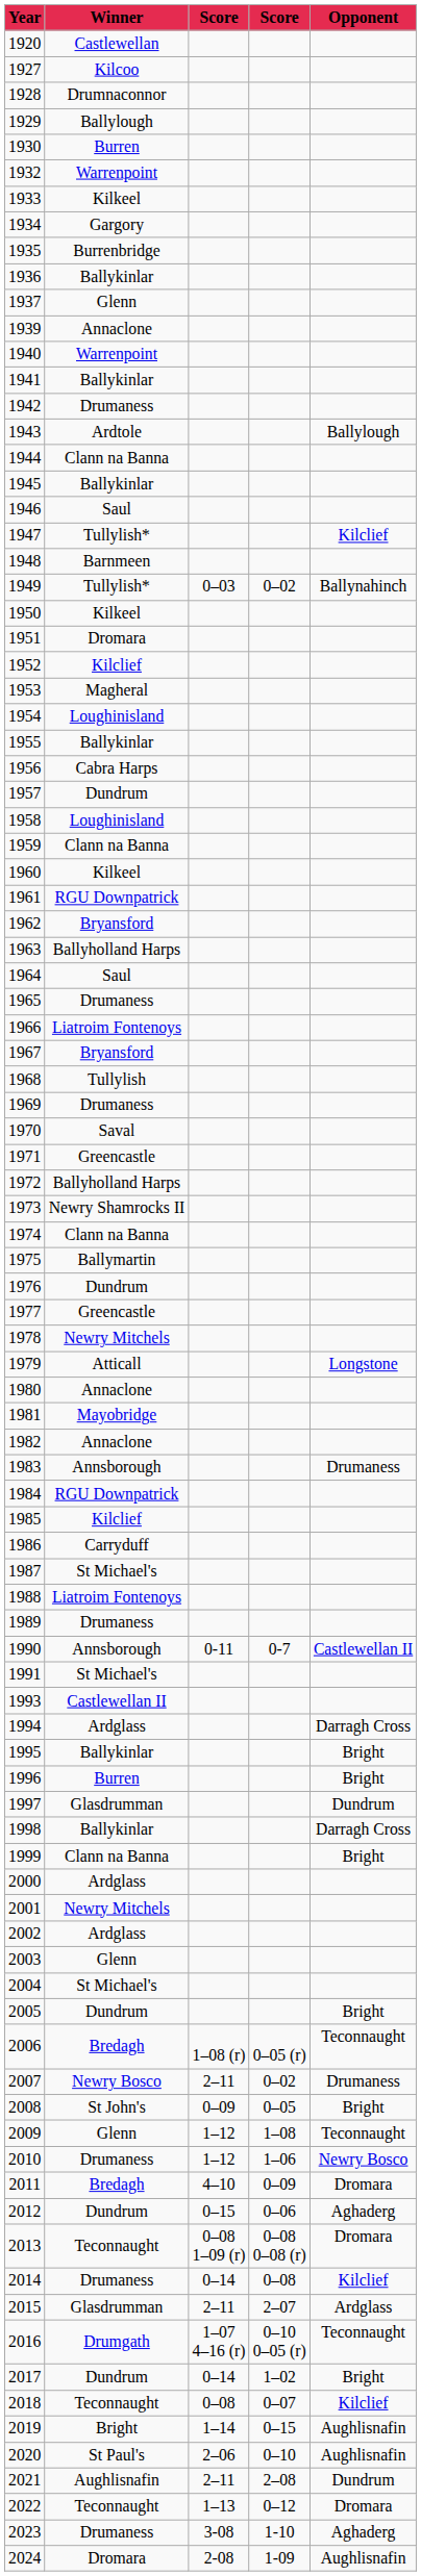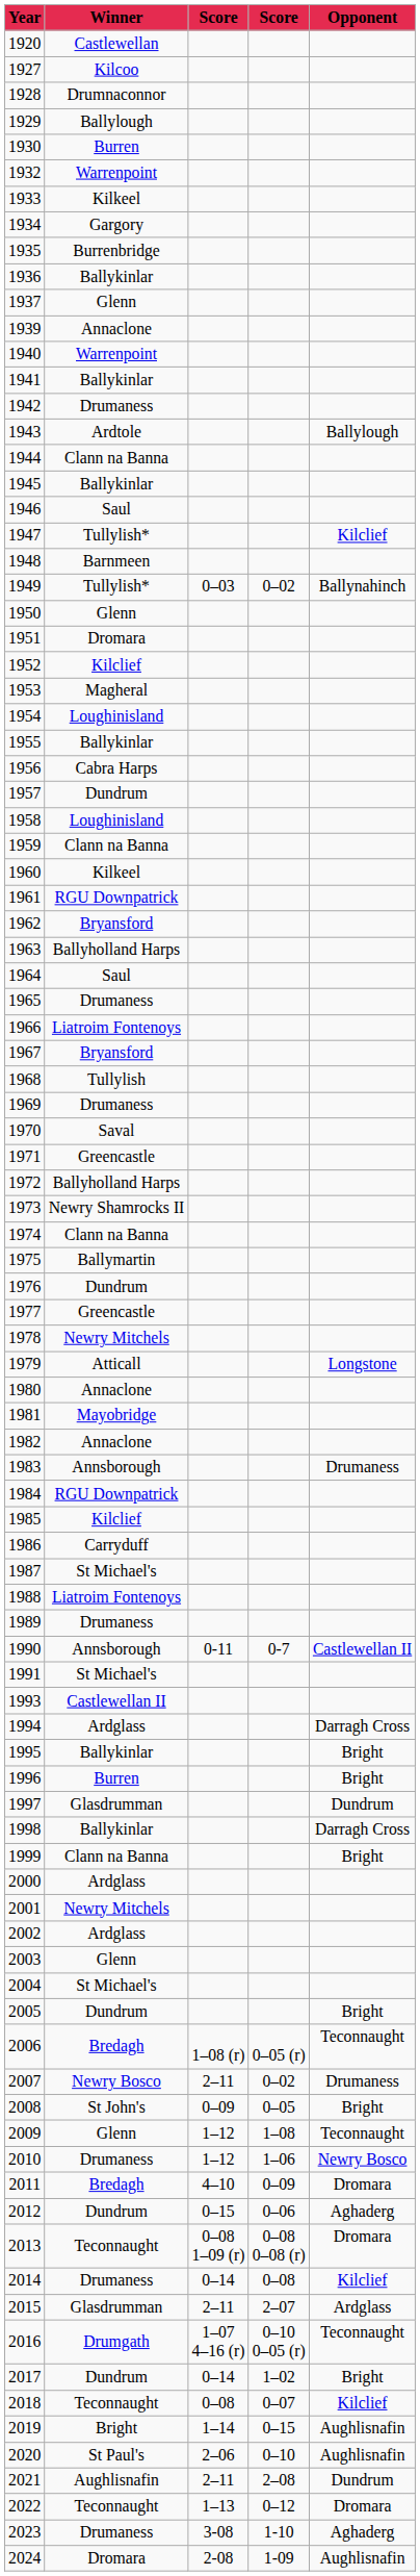 <table class="wikitable" style="text-align:center;">
 <tr>
 <th style="background:#E52B50;color:black;">Year</th>
 <th style="background:#E52B50;color:black;">Winner</th>
 <th style="background:#E52B50;color:black;">Score</th>
 <th style="background:#E52B50;color:black;">Score</th>
 <th style="background:#E52B50;color:black;">Opponent</th>
 </tr>
 <tr>
 <td>1920</td>
 <td> <a href='#'>Castlewellan</a></td>
 <td></td>
 <td></td>
 <td></td>
 </tr>
 <tr>
 <td>1927</td>
 <td> <a href='#'>Kilcoo</a></td>
 <td></td>
 <td></td>
 <td></td>
 </tr>
 <tr>
 <td>1928</td>
 <td>Drumnaconnor</td>
 <td></td>
 <td></td>
 <td></td>
 </tr>
 <tr>
 <td>1929</td>
 <td>Ballylough</td>
 <td></td>
 <td></td>
 <td></td>
 </tr>
 <tr>
 <td>1930</td>
 <td> <a href='#'>Burren</a></td>
 <td></td>
 <td></td>
 <td></td>
 </tr>
 <tr>
 <td>1932</td>
 <td> <a href='#'>Warrenpoint</a></td>
 <td></td>
 <td></td>
 <td></td>
 </tr>
 <tr>
 <td>1933</td>
 <td>Kilkeel</td>
 <td></td>
 <td></td>
 <td></td>
 </tr>
 <tr>
 <td>1934</td>
 <td>Gargory</td>
 <td></td>
 <td></td>
 <td></td>
 </tr>
 <tr>
 <td>1935</td>
 <td>Burrenbridge</td>
 <td></td>
 <td></td>
 <td></td>
 </tr>
 <tr>
 <td>1936</td>
 <td> Ballykinlar</td>
 <td></td>
 <td></td>
 <td></td>
 </tr>
 <tr>
 <td>1937</td>
 <td> Glenn</td>
 <td></td>
 <td></td>
 <td></td>
 </tr>
 <tr>
 <td>1939</td>
 <td> Annaclone</td>
 <td></td>
 <td></td>
 <td></td>
 </tr>
 <tr>
 <td>1940</td>
 <td> <a href='#'>Warrenpoint</a></td>
 <td></td>
 <td></td>
 <td></td>
 </tr>
 <tr>
 <td>1941</td>
 <td> Ballykinlar</td>
 <td></td>
 <td></td>
 <td></td>
 </tr>
 <tr>
 <td>1942</td>
 <td> Drumaness</td>
 <td></td>
 <td></td>
 <td></td>
 </tr>
 <tr>
 <td>1943</td>
 <td>Ardtole</td>
 <td></td>
 <td></td>
 <td>Ballylough</td>
 </tr>
 <tr>
 <td>1944</td>
 <td> Clann na Banna</td>
 <td></td>
 <td></td>
 <td></td>
 </tr>
 <tr>
 <td>1945</td>
 <td> Ballykinlar</td>
 <td></td>
 <td></td>
 <td></td>
 </tr>
 <tr>
 <td>1946</td>
 <td> Saul</td>
 <td></td>
 <td></td>
 <td></td>
 </tr>
 <tr>
 <td>1947</td>
 <td> Tullylish*</td>
 <td></td>
 <td></td>
 <td> <a href='#'>Kilclief</a></td>
 </tr>
 <tr>
 <td>1948</td>
 <td>Barnmeen</td>
 <td></td>
 <td></td>
 <td></td>
 </tr>
 <tr>
 <td>1949</td>
 <td> Tullylish*</td>
 <td>0–03</td>
 <td>0–02</td>
 <td>Ballynahinch</td>
 </tr>
 <tr>
 <td>1950</td>
-<td>Kilkeel</td>
+<td> Glenn</td>
 <td></td>
 <td></td>
 <td></td>
 </tr>
 <tr>
 <td>1951</td>
 <td> Dromara</td>
 <td></td>
 <td></td>
 <td></td>
 </tr>
 <tr>
 <td>1952</td>
 <td> <a href='#'>Kilclief</a></td>
 <td></td>
 <td></td>
 <td></td>
 </tr>
 <tr>
 <td>1953</td>
 <td>Magheral</td>
 <td></td>
 <td></td>
 <td></td>
 </tr>
 <tr>
 <td>1954</td>
 <td> <a href='#'>Loughinisland</a></td>
 <td></td>
 <td></td>
 <td></td>
 </tr>
 <tr>
 <td>1955</td>
 <td> Ballykinlar</td>
 <td></td>
 <td></td>
 <td></td>
 </tr>
 <tr>
 <td>1956</td>
 <td>Cabra Harps</td>
 <td></td>
 <td></td>
 <td></td>
 </tr>
 <tr>
 <td>1957</td>
 <td> Dundrum</td>
 <td></td>
 <td></td>
 <td></td>
 </tr>
 <tr>
 <td>1958</td>
 <td> <a href='#'>Loughinisland</a></td>
 <td></td>
 <td></td>
 <td></td>
 </tr>
 <tr>
 <td>1959</td>
 <td> Clann na Banna</td>
 <td></td>
 <td></td>
 <td></td>
 </tr>
 <tr>
 <td>1960</td>
 <td>Kilkeel</td>
 <td></td>
 <td></td>
 <td></td>
 </tr>
 <tr>
 <td>1961</td>
 <td> <a href='#'>RGU Downpatrick</a></td>
 <td></td>
 <td></td>
 <td></td>
 </tr>
 <tr>
 <td>1962</td>
 <td> <a href='#'>Bryansford</a></td>
 <td></td>
 <td></td>
 <td></td>
 </tr>
 <tr>
 <td>1963</td>
 <td> Ballyholland Harps</td>
 <td></td>
 <td></td>
 <td></td>
 </tr>
 <tr>
 <td>1964</td>
 <td> Saul</td>
 <td></td>
 <td></td>
 <td></td>
 </tr>
 <tr>
 <td>1965</td>
 <td> Drumaness</td>
 <td></td>
 <td></td>
 <td></td>
 </tr>
 <tr>
 <td>1966</td>
 <td> <a href='#'>Liatroim Fontenoys</a></td>
 <td></td>
 <td></td>
 <td></td>
 </tr>
 <tr>
 <td>1967</td>
 <td> <a href='#'>Bryansford</a></td>
 <td></td>
 <td></td>
 <td></td>
 </tr>
 <tr>
 <td>1968</td>
 <td> Tullylish</td>
 <td></td>
 <td></td>
 <td></td>
 </tr>
 <tr>
 <td>1969</td>
 <td> Drumaness</td>
 <td></td>
 <td></td>
 <td></td>
 </tr>
 <tr>
 <td>1970</td>
 <td> Saval</td>
 <td></td>
 <td></td>
 <td></td>
 </tr>
 <tr>
 <td>1971</td>
 <td>Greencastle</td>
 <td></td>
 <td></td>
 <td></td>
 </tr>
 <tr>
 <td>1972</td>
 <td> Ballyholland Harps</td>
 <td></td>
 <td></td>
 <td></td>
 </tr>
 <tr>
 <td>1973</td>
 <td> Newry Shamrocks II</td>
 <td></td>
 <td></td>
 <td></td>
 </tr>
 <tr>
 <td>1974</td>
 <td> Clann na Banna</td>
 <td></td>
 <td></td>
 <td></td>
 </tr>
 <tr>
 <td>1975</td>
 <td> Ballymartin</td>
 <td></td>
 <td></td>
 <td></td>
 </tr>
 <tr>
 <td>1976</td>
 <td> Dundrum</td>
 <td></td>
 <td></td>
 <td></td>
 </tr>
 <tr>
 <td>1977</td>
 <td>Greencastle</td>
 <td></td>
 <td></td>
 <td></td>
 </tr>
 <tr>
 <td>1978</td>
 <td> <a href='#'>Newry Mitchels</a></td>
 <td></td>
 <td></td>
 <td></td>
 </tr>
 <tr>
 <td>1979</td>
 <td> Atticall</td>
 <td></td>
 <td></td>
 <td> <a href='#'>Longstone</a></td>
 </tr>
 <tr>
 <td>1980</td>
 <td> Annaclone</td>
 <td></td>
 <td></td>
 <td></td>
 </tr>
 <tr>
 <td>1981</td>
 <td> <a href='#'>Mayobridge</a></td>
 <td></td>
 <td></td>
 <td></td>
 </tr>
 <tr>
 <td>1982</td>
 <td> Annaclone</td>
 <td></td>
 <td></td>
 <td></td>
 </tr>
 <tr>
 <td>1983</td>
 <td> Annsborough</td>
 <td></td>
 <td></td>
 <td> Drumaness</td>
 </tr>
 <tr>
 <td>1984</td>
 <td> <a href='#'>RGU Downpatrick</a></td>
 <td></td>
 <td></td>
 <td></td>
 </tr>
 <tr>
 <td>1985</td>
 <td> <a href='#'>Kilclief</a></td>
 <td></td>
 <td></td>
 <td></td>
 </tr>
 <tr>
 <td>1986</td>
 <td> Carryduff</td>
 <td></td>
 <td></td>
 <td></td>
 </tr>
 <tr>
 <td>1987</td>
 <td> St Michael's</td>
 <td></td>
 <td></td>
 <td></td>
 </tr>
 <tr>
 <td>1988</td>
 <td> <a href='#'>Liatroim Fontenoys</a></td>
 <td></td>
 <td></td>
 <td></td>
 </tr>
 <tr>
 <td>1989</td>
 <td> Drumaness</td>
 <td></td>
 <td></td>
 <td></td>
 </tr>
 <tr>
 <td>1990</td>
 <td> Annsborough</td>
 <td>0-11</td>
 <td>0-7</td>
 <td> <a href='#'>Castlewellan II</a></td>
 </tr>
 <tr>
 <td>1991</td>
 <td> St Michael's</td>
 <td></td>
 <td></td>
 <td></td>
 </tr>
 <tr>
 <td>1993</td>
 <td> <a href='#'>Castlewellan II</a></td>
 <td></td>
 <td></td>
 <td></td>
 </tr>
 <tr>
 <td>1994</td>
 <td> Ardglass</td>
 <td></td>
 <td></td>
 <td> Darragh Cross</td>
 </tr>
 <tr>
 <td>1995</td>
 <td> Ballykinlar</td>
 <td></td>
 <td></td>
 <td> Bright</td>
 </tr>
 <tr>
 <td>1996</td>
 <td> <a href='#'>Burren</a></td>
 <td></td>
 <td></td>
 <td> Bright</td>
 </tr>
 <tr>
 <td>1997</td>
 <td> Glasdrumman</td>
 <td></td>
 <td></td>
 <td> Dundrum</td>
 </tr>
 <tr>
 <td>1998</td>
 <td> Ballykinlar</td>
 <td></td>
 <td></td>
 <td> Darragh Cross</td>
 </tr>
 <tr>
 <td>1999</td>
 <td> Clann na Banna</td>
 <td></td>
 <td></td>
 <td> Bright</td>
 </tr>
 <tr>
 <td>2000</td>
 <td> Ardglass</td>
 <td></td>
 <td></td>
 <td></td>
 </tr>
 <tr>
 <td>2001</td>
 <td> <a href='#'>Newry Mitchels</a></td>
 <td></td>
 <td></td>
 <td></td>
 </tr>
 <tr>
 <td>2002</td>
 <td> Ardglass</td>
 <td></td>
 <td></td>
 <td></td>
 </tr>
 <tr>
 <td>2003</td>
 <td> Glenn</td>
 <td></td>
 <td></td>
 <td></td>
 </tr>
 <tr>
 <td>2004</td>
 <td> St Michael's</td>
 <td></td>
 <td></td>
 <td></td>
 </tr>
 <tr>
 <td>2005</td>
 <td> Dundrum</td>
 <td></td>
 <td></td>
 <td> Bright</td>
 </tr>
 <tr>
 <td>2006</td>
 <td> <a href='#'>Bredagh</a></td>
 <td><br>1–08 (r)</td>
 <td><br>0–05 (r)</td>
 <td> Teconnaught<br> </td>
 </tr>
 <tr>
 <td>2007</td>
 <td> <a href='#'>Newry Bosco</a></td>
 <td>2–11</td>
 <td>0–02</td>
 <td> Drumaness</td>
 </tr>
 <tr>
 <td>2008</td>
 <td> St John's</td>
 <td>0–09</td>
 <td>0–05</td>
 <td> Bright</td>
 </tr>
 <tr>
 <td>2009</td>
 <td> Glenn</td>
 <td>1–12</td>
 <td>1–08</td>
 <td> Teconnaught</td>
 </tr>
 <tr>
 <td>2010</td>
 <td> Drumaness</td>
 <td>1–12</td>
 <td>1–06</td>
 <td> <a href='#'>Newry Bosco</a></td>
 </tr>
 <tr>
 <td>2011</td>
 <td> <a href='#'>Bredagh</a></td>
 <td>4–10</td>
 <td>0–09</td>
 <td> Dromara</td>
 </tr>
 <tr>
 <td>2012</td>
 <td> Dundrum</td>
 <td>0–15</td>
 <td>0–06</td>
 <td> Aghaderg</td>
 </tr>
 <tr>
 <td>2013</td>
 <td> Teconnaught<br></td>
 <td>0–08<br>1–09 (r)</td>
 <td>0–08<br>0–08 (r)</td>
 <td> Dromara<br> </td>
 </tr>
 <tr>
 <td>2014</td>
 <td> Drumaness</td>
 <td>0–14</td>
 <td>0–08</td>
 <td> <a href='#'>Kilclief</a></td>
 </tr>
 <tr>
 <td>2015</td>
 <td> Glasdrumman</td>
 <td>2–11</td>
 <td>2–07</td>
 <td> Ardglass</td>
 </tr>
 <tr>
 <td>2016</td>
 <td> <a href='#'>Drumgath</a><br></td>
 <td>1–07<br>4–16 (r)</td>
 <td>0–10<br>0–05 (r)</td>
 <td> Teconnaught<br> </td>
 </tr>
 <tr>
 <td>2017</td>
 <td> Dundrum</td>
 <td>0–14</td>
 <td>1–02</td>
 <td> Bright</td>
 </tr>
 <tr>
 <td>2018</td>
 <td> Teconnaught</td>
 <td>0–08</td>
 <td>0–07</td>
 <td> <a href='#'>Kilclief</a></td>
 </tr>
 <tr>
 <td>2019</td>
 <td> Bright</td>
 <td>1–14</td>
 <td>0–15</td>
 <td> Aughlisnafin</td>
 </tr>
 <tr>
 <td>2020</td>
 <td> St Paul's</td>
 <td>2–06</td>
 <td>0–10</td>
 <td> Aughlisnafin</td>
 </tr>
 <tr>
 <td>2021</td>
 <td> Aughlisnafin</td>
 <td>2–11</td>
 <td>2–08</td>
 <td> Dundrum</td>
 </tr>
 <tr>
 <td>2022</td>
 <td> Teconnaught</td>
 <td>1–13</td>
 <td>0–12</td>
 <td> Dromara</td>
 </tr>
 <tr>
 <td>2023 </td>
 <td>Drumaness</td>
 <td>3-08</td>
 <td>1-10</td>
 <td> Aghaderg</td>
 </tr>
 <tr>
 <td>2024</td>
 <td>Dromara</td>
 <td>2-08</td>
 <td>1-09</td>
 <td>Aughlisnafin</td>
 </tr>
 </table>
